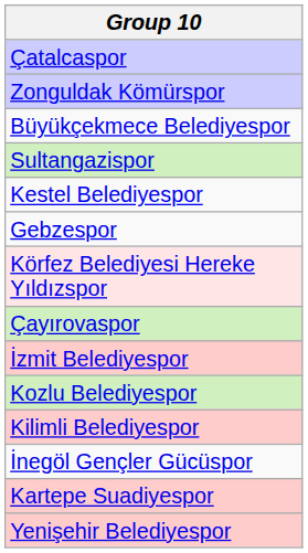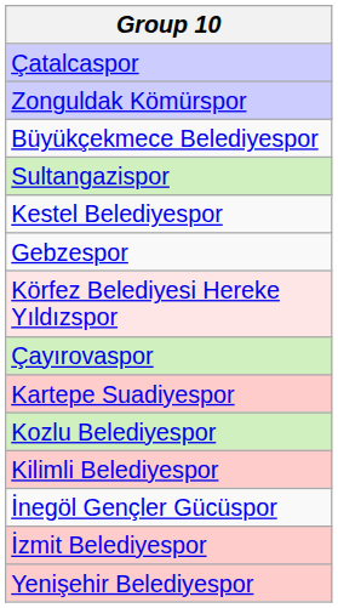 <table class="wikitable collapsible collapsed" style="font-size:95%;">
 <tr>
 <th colspan="1" width="200"><em>Group 10</em></th>
 </tr>
 <tr>
 <td style="background:#ccccff;"><a href='#'>Çatalcaspor</a></td>
 </tr>
 <tr>
 <td style="background:#ccccff;"><a href='#'>Zonguldak Kömürspor</a></td>
 </tr>
 <tr>
 <td><a href='#'>Büyükçekmece Belediyespor</a></td>
 </tr>
 <tr>
 <td style="background:#D0F0C0;"><a href='#'>Sultangazispor</a></td>
 </tr>
 <tr>
 <td><a href='#'>Kestel Belediyespor</a></td>
 </tr>
 <tr>
 <td><a href='#'>Gebzespor</a></td>
 </tr>
 <tr>
 <td style="background:#FFE6E6;"><a href='#'>Körfez Belediyesi Hereke Yıldızspor</a></td>
 </tr>
 <tr>
 <td style="background:#D0F0C0;"><a href='#'>Çayırovaspor</a></td>
 </tr>
 <tr>
-<td style="background:#fcc;"><a href='#'>İzmit Belediyespor</a></td>
+<td style="background:#fcc;"><a href='#'>Kartepe Suadiyespor</a></td>
 </tr>
 <tr>
 <td style="background:#D0F0C0;"><a href='#'>Kozlu Belediyespor</a></td>
 </tr>
 <tr>
 <td style="background:#fcc;"><a href='#'>Kilimli Belediyespor</a></td>
 </tr>
 <tr>
 <td><a href='#'>İnegöl Gençler Gücüspor</a></td>
 </tr>
 <tr>
-<td style="background:#fcc;"><a href='#'>Kartepe Suadiyespor</a></td>
+<td style="background:#fcc;"><a href='#'>İzmit Belediyespor</a></td>
 </tr>
 <tr>
 <td style="background:#fcc;"><a href='#'>Yenişehir Belediyespor</a></td>
 </tr>
 </table>
